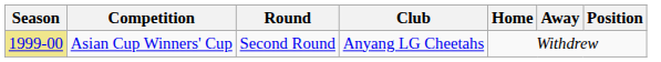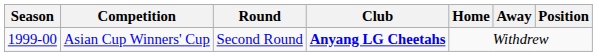 <table class="wikitable">
 <tr>
 <th>Season</th>
 <th>Competition</th>
 <th>Round</th>
 <th>Club</th>
 <th>Home</th>
 <th>Away</th>
 <th>Position</th>
 </tr>
 <tr>
-<td style="background: khaki;"><a href='#'>1999-00</a></td>
+<td><a href='#'>1999-00</a></td>
 <td><a href='#'>Asian Cup Winners' Cup</a></td>
 <td><a href='#'>Second Round</a></td>
-<td> <a href='#'>Anyang LG Cheetahs</a></td>
+<td><strong> <a href='#'>Anyang LG Cheetahs</a></strong></td>
 <td colspan=3; style="text-align:center;"><em>Withdrew</em></td>
 </tr>
 </table>
